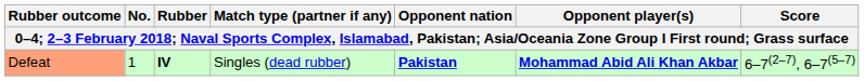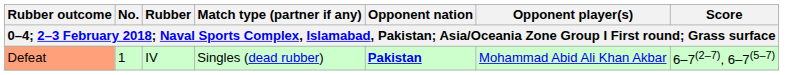 <table class=wikitable>
 <tr>
 <th>Rubber outcome</th>
 <th>No.</th>
 <th>Rubber</th>
 <th>Match type (partner if any)</th>
 <th>Opponent nation</th>
 <th>Opponent player(s)</th>
 <th>Score</th>
 </tr>
 <tr>
 <th colspan=7>0–4; <a href='#'>2–3 February 2018</a>; <a href='#'>Naval Sports Complex</a>, <a href='#'>Islamabad</a>, Pakistan; Asia/Oceania Zone Group I First round; Grass surface</th>
 </tr>
 <tr bgcolor=#CCFFCC>
 <td bgcolor=FFA07A>Defeat</td>
 <td>1</td>
-<td><strong>IV</strong></td>
+<td>IV</td>
 <td>Singles (<a href='#'>dead rubber</a>)</td>
 <td><strong> <a href='#'>Pakistan</a></strong></td>
-<td><strong><a href='#'>Mohammad Abid Ali Khan Akbar</a></strong></td>
+<td><a href='#'>Mohammad Abid Ali Khan Akbar</a></td>
 <td>6–7<sup>(2–7)</sup>, 6–7<sup>(5–7)</sup></td>
 </tr>
 </table>
